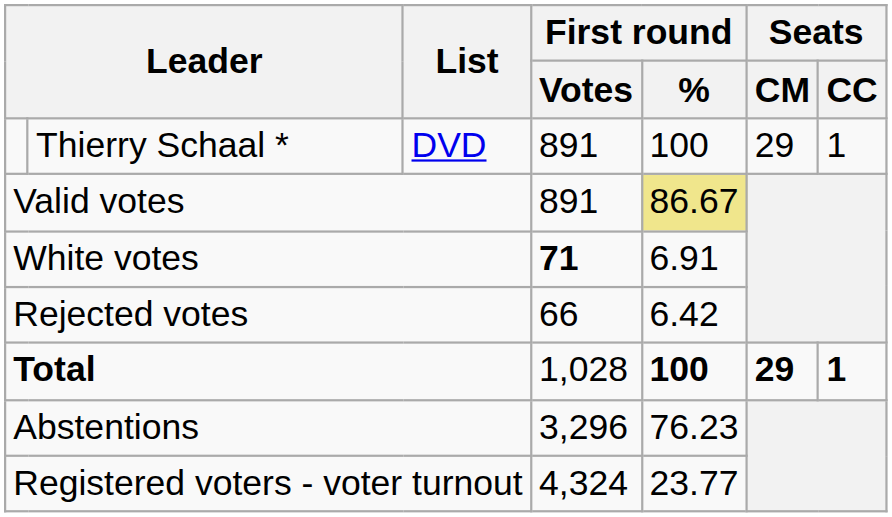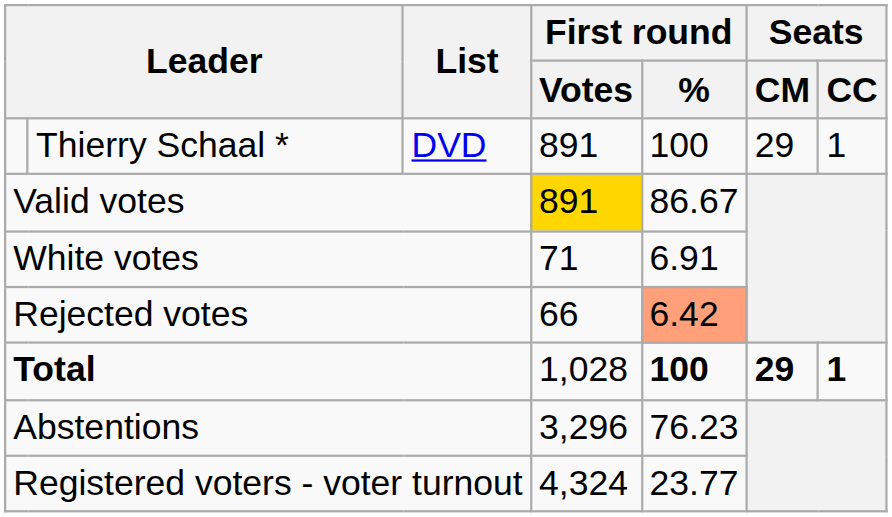 <table class="wikitable">
 <tr>
 <th colspan="2" rowspan="2">Leader</th>
 <th rowspan="2">List</th>
 <th colspan="2">First round</th>
 <th colspan="2">Seats</th>
 </tr>
 <tr>
 <th>Votes</th>
 <th>%</th>
 <th>CM</th>
 <th>CC</th>
 </tr>
 <tr>
 <td bgcolor=></td>
 <td>Thierry Schaal *</td>
 <td><a href='#'>DVD</a></td>
 <td>891</td>
 <td>100</td>
 <td>29</td>
 <td>1</td>
 </tr>
 <tr>
 <td colspan="3">Valid votes</td>
-<td>891</td>
-<td style="background: khaki;">86.67</td>
+<td style="background: gold;">891</td>
+<td>86.67</td>
 <th colspan="2" rowspan="3"></th>
 </tr>
 <tr>
 <td colspan="3">White votes</td>
-<td><strong>71</strong></td>
+<td>71</td>
 <td>6.91</td>
 </tr>
 <tr>
 <td colspan="3">Rejected votes</td>
 <td>66</td>
-<td>6.42</td>
+<td style="background: lightsalmon;">6.42</td>
 </tr>
 <tr>
 <td colspan="3"><strong>Total</strong></td>
 <td>1,028</td>
 <td><strong>100</strong></td>
 <td><strong>29</strong></td>
 <td><strong>1</strong></td>
 </tr>
 <tr>
 <td colspan="3">Abstentions</td>
 <td>3,296</td>
 <td>76.23</td>
 <th colspan="2" rowspan="2"></th>
 </tr>
 <tr>
 <td colspan="3">Registered voters - voter turnout</td>
 <td>4,324</td>
 <td>23.77</td>
 </tr>
 </table>
